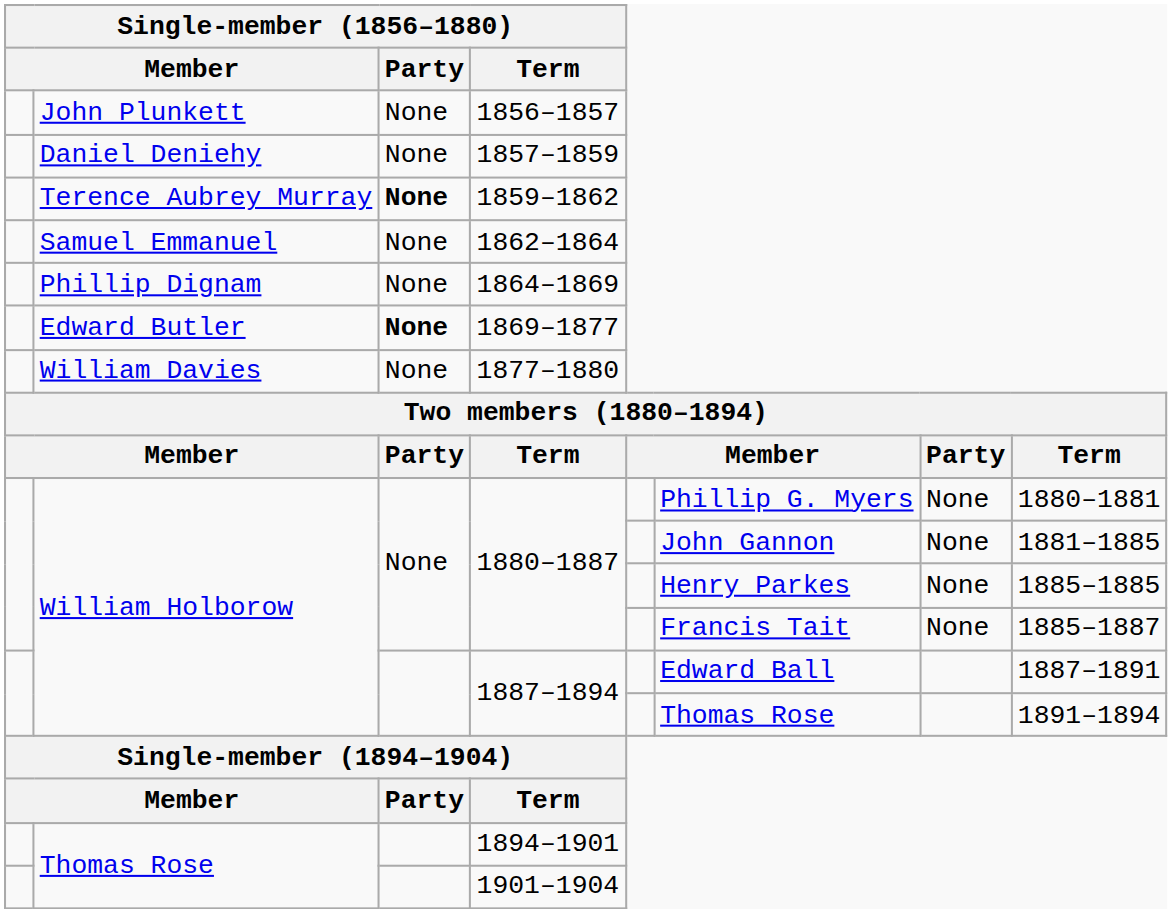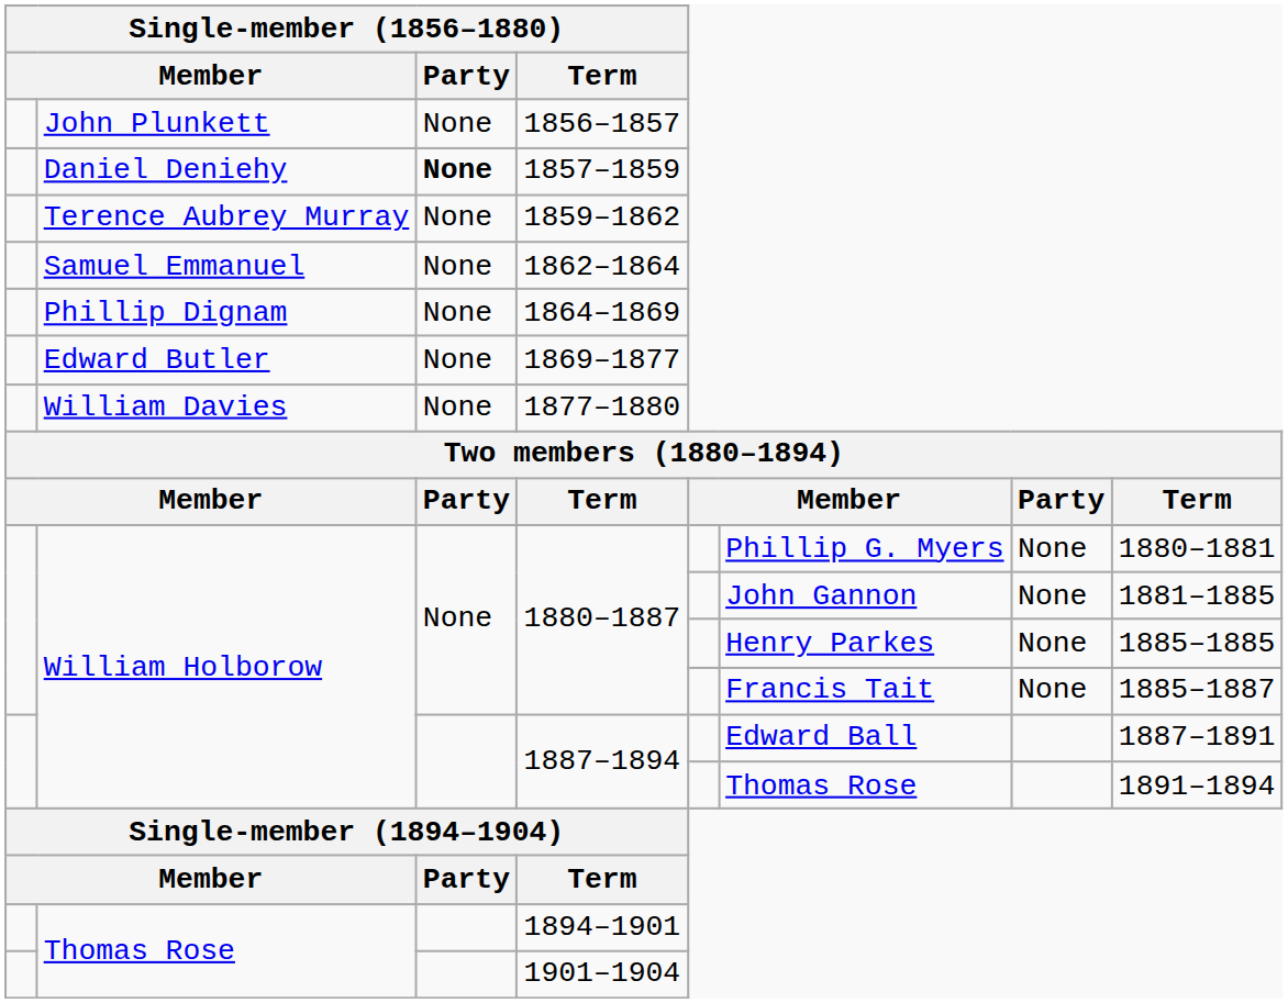 <table class="wikitable" style='border-style: none none none none;'>
 <tr>
 <th colspan="4">Single-member (1856–1880)</th>
 </tr>
 <tr>
 <th colspan="2">Member</th>
 <th>Party</th>
 <th>Term</th>
 </tr>
 <tr style="background: #f9f9f9">
 <td> </td>
 <td><a href='#'>John Plunkett</a></td>
 <td>None</td>
 <td>1856–1857</td>
 </tr>
 <tr style="background: #f9f9f9">
 <td> </td>
 <td><a href='#'>Daniel Deniehy</a></td>
-<td>None</td>
+<td><strong>None</strong></td>
 <td>1857–1859</td>
 </tr>
 <tr style="background: #f9f9f9">
 <td> </td>
 <td><a href='#'>Terence Aubrey Murray</a></td>
-<td><strong>None</strong></td>
+<td>None</td>
 <td>1859–1862</td>
 </tr>
 <tr style="background: #f9f9f9">
 <td> </td>
 <td><a href='#'>Samuel Emmanuel</a></td>
 <td>None</td>
 <td>1862–1864</td>
 </tr>
 <tr style="background: #f9f9f9">
 <td> </td>
 <td><a href='#'>Phillip Dignam</a></td>
 <td>None</td>
 <td>1864–1869</td>
 </tr>
 <tr style="background: #f9f9f9">
 <td> </td>
 <td><a href='#'>Edward Butler</a></td>
-<td><strong>None</strong></td>
+<td>None</td>
 <td>1869–1877</td>
 </tr>
 <tr style="background: #f9f9f9">
 <td> </td>
 <td><a href='#'>William Davies</a></td>
 <td>None</td>
 <td>1877–1880</td>
 </tr>
 <tr>
 <th colspan="8">Two members (1880–1894)</th>
 </tr>
 <tr>
 <th colspan="2">Member</th>
 <th>Party</th>
 <th>Term</th>
 <th colspan="2">Member</th>
 <th>Party</th>
 <th>Term</th>
 </tr>
 <tr style="background: #f9f9f9">
 <td rowspan="4" > </td>
 <td rowspan="6"><a href='#'>William Holborow</a></td>
 <td rowspan="4">None</td>
 <td rowspan="4">1880–1887</td>
 <td> </td>
 <td><a href='#'>Phillip G. Myers</a></td>
 <td>None</td>
 <td>1880–1881</td>
 </tr>
 <tr style="background: #f9f9f9">
 <td> </td>
 <td><a href='#'>John Gannon</a></td>
 <td>None</td>
 <td>1881–1885</td>
 </tr>
 <tr style="background: #f9f9f9">
 <td> </td>
 <td><a href='#'>Henry Parkes</a></td>
 <td>None</td>
 <td>1885–1885</td>
 </tr>
 <tr style="background: #f9f9f9">
 <td> </td>
 <td><a href='#'>Francis Tait</a></td>
 <td>None</td>
 <td>1885–1887</td>
 </tr>
 <tr style="background: #f9f9f9">
 <td rowspan="2" > </td>
 <td rowspan="2"></td>
 <td rowspan="2">1887–1894</td>
 <td> </td>
 <td><a href='#'>Edward Ball</a></td>
 <td></td>
 <td>1887–1891</td>
 </tr>
 <tr style="background: #f9f9f9">
 <td> </td>
 <td><a href='#'>Thomas Rose</a></td>
 <td></td>
 <td>1891–1894</td>
 </tr>
 <tr>
 <th colspan="4">Single-member (1894–1904)</th>
 </tr>
 <tr>
 <th colspan="2">Member</th>
 <th>Party</th>
 <th>Term</th>
 </tr>
 <tr style="background: #f9f9f9">
 <td> </td>
 <td rowspan="2"><a href='#'>Thomas Rose</a></td>
 <td></td>
 <td>1894–1901</td>
 </tr>
 <tr style="background: #f9f9f9">
 <td> </td>
 <td></td>
 <td>1901–1904</td>
 </tr>
 </table>
